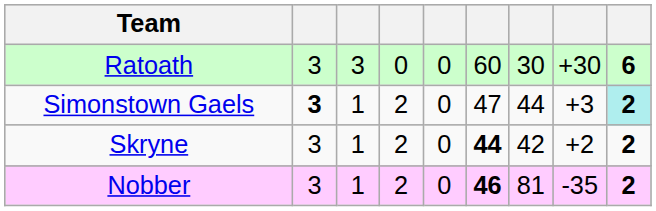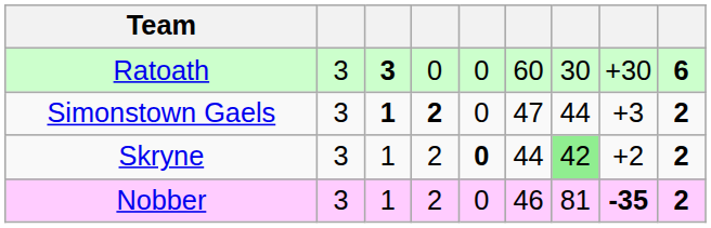 <table class="wikitable" style="text-align:center">
 <tr>
 <th style="width:175px;">Team</th>
 <th width="20"></th>
 <th width="20"></th>
 <th width="20"></th>
 <th width="20"></th>
 <th width="20"></th>
 <th width="20"></th>
 <th width="20"></th>
 <th width="20"></th>
 </tr>
 <tr style="background:#cfc;">
 <td><a href='#'>Ratoath</a></td>
 <td>3</td>
-<td>3</td>
+<td><strong>3</strong></td>
 <td>0</td>
 <td>0</td>
 <td>60</td>
 <td>30</td>
 <td>+30</td>
 <td><strong>6</strong></td>
 </tr>
 <tr>
 <td><a href='#'>Simonstown Gaels</a></td>
-<td><strong>3</strong></td>
-<td>1</td>
-<td>2</td>
+<td>3</td>
+<td><strong>1</strong></td>
+<td><strong>2</strong></td>
 <td>0</td>
 <td>47</td>
 <td>44</td>
 <td>+3</td>
-<td style="background: paleturquoise;"><strong>2</strong></td>
+<td><strong>2</strong></td>
 </tr>
 <tr>
 <td><a href='#'>Skryne</a></td>
 <td>3</td>
 <td>1</td>
 <td>2</td>
-<td>0</td>
-<td><strong>44</strong></td>
-<td>42</td>
+<td><strong>0</strong></td>
+<td>44</td>
+<td style="background: lightgreen;">42</td>
 <td>+2</td>
 <td><strong>2</strong></td>
 </tr>
 <tr style="background:#fcf;">
 <td><a href='#'>Nobber</a></td>
 <td>3</td>
 <td>1</td>
 <td>2</td>
 <td>0</td>
-<td><strong>46</strong></td>
+<td>46</td>
 <td>81</td>
-<td>-35</td>
+<td><strong>-35</strong></td>
 <td><strong>2</strong></td>
 </tr>
 </table>
